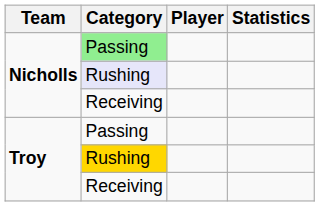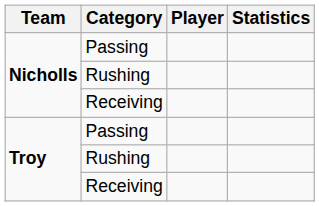 <table class="wikitable" style="float: right;">
 <tr>
 <th>Team</th>
 <th>Category</th>
 <th>Player</th>
 <th>Statistics</th>
 </tr>
 <tr>
 <td rowspan=3><strong>Nicholls</strong></td>
-<td style="background: lightgreen;">Passing</td>
+<td>Passing</td>
 <td></td>
 <td></td>
 </tr>
 <tr>
-<td style="background: lavender;">Rushing</td>
+<td>Rushing</td>
 <td></td>
 <td></td>
 </tr>
 <tr>
 <td>Receiving</td>
 <td></td>
 <td></td>
 </tr>
 <tr>
 <td rowspan=3><strong>Troy</strong></td>
 <td>Passing</td>
 <td></td>
 <td></td>
 </tr>
 <tr>
-<td style="background: gold;">Rushing</td>
+<td>Rushing</td>
 <td></td>
 <td></td>
 </tr>
 <tr>
 <td>Receiving</td>
 <td></td>
 <td></td>
 </tr>
 </table>
